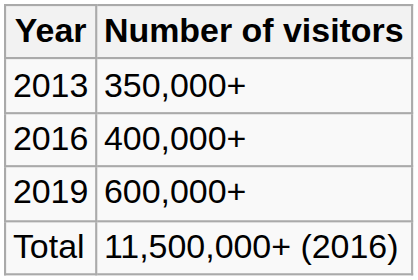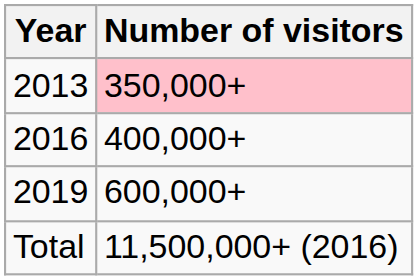 <table class="wikitable">
 <tr>
 <th>Year</th>
 <th>Number of visitors</th>
 </tr>
 <tr>
 <td>2013</td>
-<td>350,000+</td>
+<td style="background: pink;">350,000+</td>
 </tr>
 <tr>
 <td>2016</td>
 <td>400,000+</td>
 </tr>
 <tr>
 <td>2019</td>
 <td>600,000+</td>
 </tr>
 <tr>
 <td>Total</td>
 <td>11,500,000+ (2016)</td>
 </tr>
 </table>
